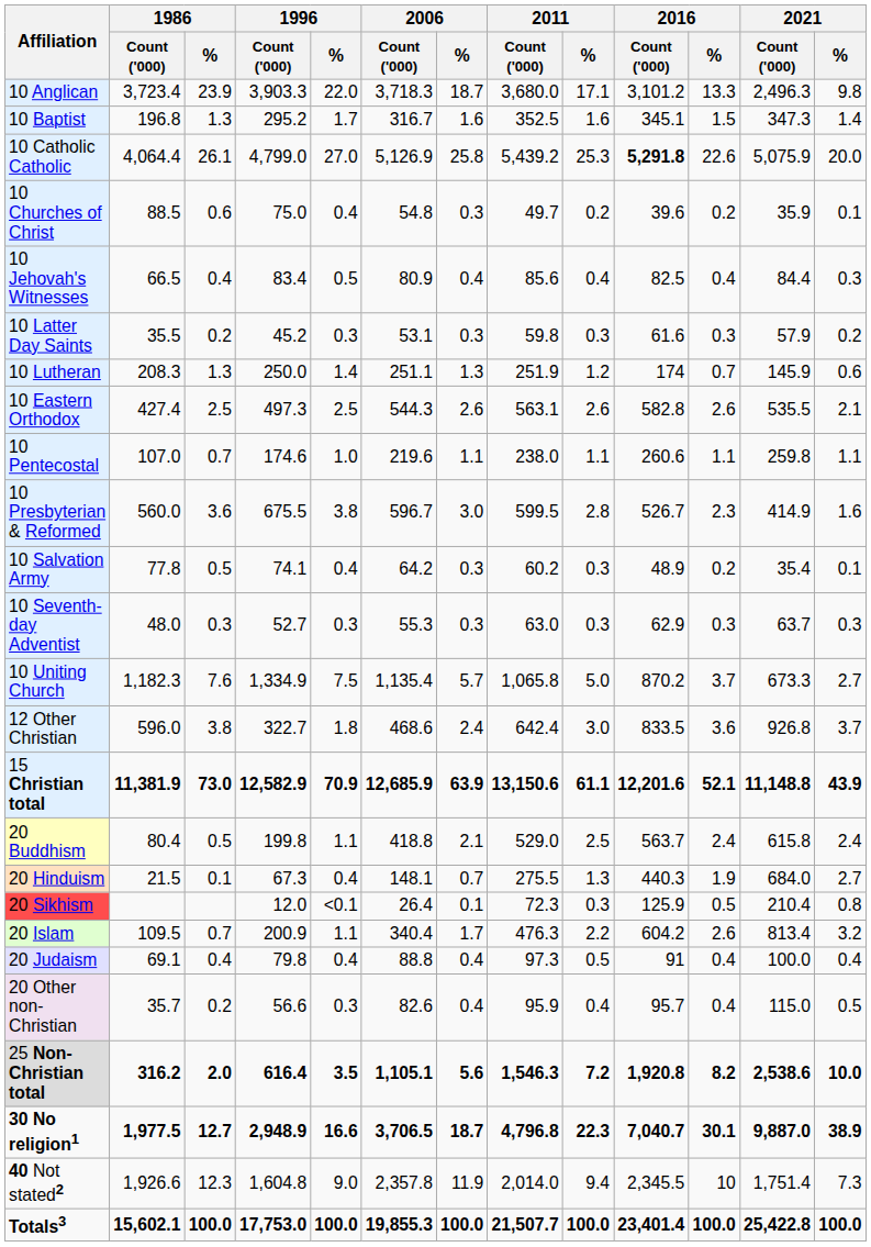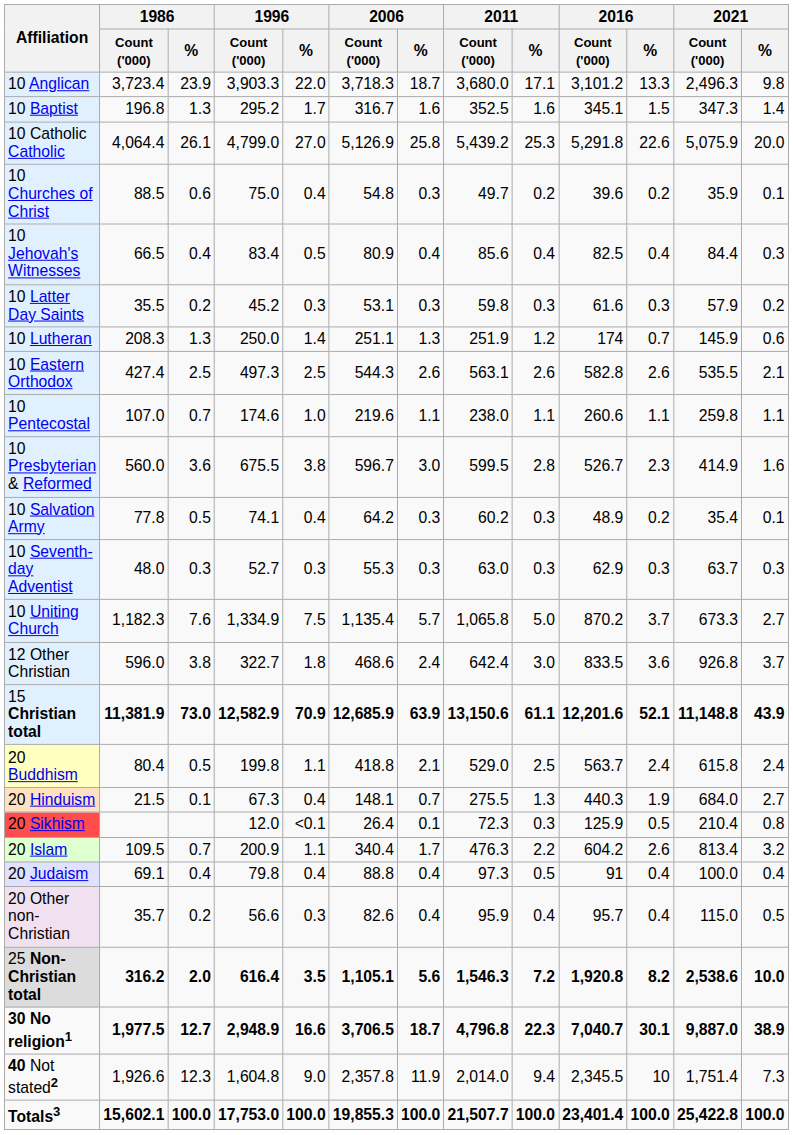 <table class="wikitable sortable">
 <tr>
 <th rowspan=2 scope="col">Affiliation</th>
 <th colspan=2>1986</th>
 <th colspan=2>1996</th>
 <th colspan=2>2006</th>
 <th colspan=2>2011</th>
 <th colspan=2>2016</th>
 <th colspan=2>2021</th>
 </tr>
 <tr>
 <th scope="col"><small>Count ('000)</small></th>
 <th scope="col">%</th>
 <th scope="col"><small>Count ('000)</small></th>
 <th scope="col">%</th>
 <th scope="col"><small>Count ('000)</small></th>
 <th scope="col">%</th>
 <th scope="col"><small>Count ('000)</small></th>
 <th scope="col">%</th>
 <th scope="col"><small>Count ('000)</small></th>
 <th scope="col">%</th>
 <th scope="col"><small>Count ('000)</small></th>
 <th scope="col">%</th>
 </tr>
 <tr>
 <td style="text-align:left; background:#E0F0FF;"><span>10</span> <a href='#'>Anglican</a></td>
 <td style="text-align:right;">3,723.4</td>
 <td style="text-align:right;">23.9</td>
 <td style="text-align:right;">3,903.3</td>
 <td style="text-align:right;">22.0</td>
 <td style="text-align:right;">3,718.3</td>
 <td style="text-align:right;">18.7</td>
 <td style="text-align:right;">3,680.0</td>
 <td style="text-align:right;">17.1</td>
 <td style="text-align:right;">3,101.2</td>
 <td style="text-align:right;">13.3</td>
 <td style="text-align:right;">2,496.3</td>
 <td style="text-align:right;">9.8</td>
 </tr>
 <tr>
 <td style="text-align:left; background:#E0F0FF;"><span>10</span> <a href='#'>Baptist</a></td>
 <td style="text-align:right;">196.8</td>
 <td style="text-align:right;">1.3</td>
 <td style="text-align:right;">295.2</td>
 <td style="text-align:right;">1.7</td>
 <td style="text-align:right;">316.7</td>
 <td style="text-align:right;">1.6</td>
 <td style="text-align:right;">352.5</td>
 <td style="text-align:right;">1.6</td>
 <td style="text-align:right;">345.1</td>
 <td style="text-align:right;">1.5</td>
 <td style="text-align:right;">347.3</td>
 <td style="text-align:right;">1.4</td>
 </tr>
 <tr>
 <td style="text-align:left; background:#E0F0FF;"><span>10 Catholic</span> <a href='#'>Catholic</a></td>
 <td style="text-align:right;">4,064.4</td>
 <td style="text-align:right;">26.1</td>
 <td style="text-align:right;">4,799.0</td>
 <td style="text-align:right;">27.0</td>
 <td style="text-align:right;">5,126.9</td>
 <td style="text-align:right;">25.8</td>
 <td style="text-align:right;">5,439.2</td>
 <td style="text-align:right;">25.3</td>
-<td style="text-align:right;"><strong>5,291.8</strong></td>
+<td style="text-align:right;">5,291.8</td>
 <td style="text-align:right;">22.6</td>
 <td style="text-align:right;">5,075.9</td>
 <td style="text-align:right;">20.0</td>
 </tr>
 <tr>
 <td style="text-align:left; background:#E0F0FF;"><span>10</span> <a href='#'>Churches of Christ</a></td>
 <td style="text-align:right;">88.5</td>
 <td style="text-align:right;">0.6</td>
 <td style="text-align:right;">75.0</td>
 <td style="text-align:right;">0.4</td>
 <td style="text-align:right;">54.8</td>
 <td style="text-align:right;">0.3</td>
 <td style="text-align:right;">49.7</td>
 <td style="text-align:right;">0.2</td>
 <td style="text-align:right;">39.6</td>
 <td style="text-align:right;">0.2</td>
 <td style="text-align:right;">35.9</td>
 <td style="text-align:right;">0.1</td>
 </tr>
 <tr>
 <td style="text-align:left; background:#E0F0FF;"><span>10</span> <a href='#'>Jehovah's Witnesses</a></td>
 <td style="text-align:right;">66.5</td>
 <td style="text-align:right;">0.4</td>
 <td style="text-align:right;">83.4</td>
 <td style="text-align:right;">0.5</td>
 <td style="text-align:right;">80.9</td>
 <td style="text-align:right;">0.4</td>
 <td style="text-align:right;">85.6</td>
 <td style="text-align:right;">0.4</td>
 <td style="text-align:right;">82.5</td>
 <td style="text-align:right;">0.4</td>
 <td style="text-align:right;">84.4</td>
 <td style="text-align:right;">0.3</td>
 </tr>
 <tr>
 <td style="text-align:left; background:#E0F0FF;"><span>10</span> <a href='#'>Latter Day Saints</a></td>
 <td style="text-align:right;">35.5</td>
 <td style="text-align:right;">0.2</td>
 <td style="text-align:right;">45.2</td>
 <td style="text-align:right;">0.3</td>
 <td style="text-align:right;">53.1</td>
 <td style="text-align:right;">0.3</td>
 <td style="text-align:right;">59.8</td>
 <td style="text-align:right;">0.3</td>
 <td style="text-align:right;">61.6</td>
 <td style="text-align:right;">0.3</td>
 <td style="text-align:right;">57.9</td>
 <td style="text-align:right;">0.2</td>
 </tr>
 <tr>
 <td style="text-align:left; background:#E0F0FF;"><span>10</span> <a href='#'>Lutheran</a></td>
 <td style="text-align:right;">208.3</td>
 <td style="text-align:right;">1.3</td>
 <td style="text-align:right;">250.0</td>
 <td style="text-align:right;">1.4</td>
 <td style="text-align:right;">251.1</td>
 <td style="text-align:right;">1.3</td>
 <td style="text-align:right;">251.9</td>
 <td style="text-align:right;">1.2</td>
 <td style="text-align:right;">174</td>
 <td style="text-align:right;">0.7</td>
 <td style="text-align:right;">145.9</td>
 <td style="text-align:right;">0.6</td>
 </tr>
 <tr>
 <td style="text-align:left; background:#E0F0FF;"><span>10</span> <a href='#'>Eastern Orthodox</a></td>
 <td style="text-align:right;">427.4</td>
 <td style="text-align:right;">2.5</td>
 <td style="text-align:right;">497.3</td>
 <td style="text-align:right;">2.5</td>
 <td style="text-align:right;">544.3</td>
 <td style="text-align:right;">2.6</td>
 <td style="text-align:right;">563.1</td>
 <td style="text-align:right;">2.6</td>
 <td style="text-align:right;">582.8</td>
 <td style="text-align:right;">2.6</td>
 <td style="text-align:right;">535.5</td>
 <td style="text-align:right;">2.1</td>
 </tr>
 <tr>
 <td style="text-align:left; background:#E0F0FF;"><span>10</span> <a href='#'>Pentecostal</a></td>
 <td style="text-align:right;">107.0</td>
 <td style="text-align:right;">0.7</td>
 <td style="text-align:right;">174.6</td>
 <td style="text-align:right;">1.0</td>
 <td style="text-align:right;">219.6</td>
 <td style="text-align:right;">1.1</td>
 <td style="text-align:right;">238.0</td>
 <td style="text-align:right;">1.1</td>
 <td style="text-align:right;">260.6</td>
 <td style="text-align:right;">1.1</td>
 <td style="text-align:right;">259.8</td>
 <td style="text-align:right;">1.1</td>
 </tr>
 <tr>
 <td style="text-align:left; background:#E0F0FF;"><span>10</span> <a href='#'>Presbyterian</a> & <a href='#'>Reformed</a></td>
 <td style="text-align:right;">560.0</td>
 <td style="text-align:right;">3.6</td>
 <td style="text-align:right;">675.5</td>
 <td style="text-align:right;">3.8</td>
 <td style="text-align:right;">596.7</td>
 <td style="text-align:right;">3.0</td>
 <td style="text-align:right;">599.5</td>
 <td style="text-align:right;">2.8</td>
 <td style="text-align:right;">526.7</td>
 <td style="text-align:right;">2.3</td>
 <td style="text-align:right;">414.9</td>
 <td style="text-align:right;">1.6</td>
 </tr>
 <tr>
 <td style="text-align:left; background:#E0F0FF;"><span>10</span> <a href='#'>Salvation Army</a></td>
 <td style="text-align:right;">77.8</td>
 <td style="text-align:right;">0.5</td>
 <td style="text-align:right;">74.1</td>
 <td style="text-align:right;">0.4</td>
 <td style="text-align:right;">64.2</td>
 <td style="text-align:right;">0.3</td>
 <td style="text-align:right;">60.2</td>
 <td style="text-align:right;">0.3</td>
 <td style="text-align:right;">48.9</td>
 <td style="text-align:right;">0.2</td>
 <td style="text-align:right;">35.4</td>
 <td style="text-align:right;">0.1</td>
 </tr>
 <tr>
 <td style="text-align:left; background:#E0F0FF;"><span>10</span> <a href='#'>Seventh-day Adventist</a></td>
 <td style="text-align:right;">48.0</td>
 <td style="text-align:right;">0.3</td>
 <td style="text-align:right;">52.7</td>
 <td style="text-align:right;">0.3</td>
 <td style="text-align:right;">55.3</td>
 <td style="text-align:right;">0.3</td>
 <td style="text-align:right;">63.0</td>
 <td style="text-align:right;">0.3</td>
 <td style="text-align:right;">62.9</td>
 <td style="text-align:right;">0.3</td>
 <td style="text-align:right;">63.7</td>
 <td style="text-align:right;">0.3</td>
 </tr>
 <tr>
 <td style="text-align:left; background:#E0F0FF;"><span>10</span> <a href='#'>Uniting Church</a></td>
 <td style="text-align:right;">1,182.3</td>
 <td style="text-align:right;">7.6</td>
 <td style="text-align:right;">1,334.9</td>
 <td style="text-align:right;">7.5</td>
 <td style="text-align:right;">1,135.4</td>
 <td style="text-align:right;">5.7</td>
 <td style="text-align:right;">1,065.8</td>
 <td style="text-align:right;">5.0</td>
 <td style="text-align:right;">870.2</td>
 <td style="text-align:right;">3.7</td>
 <td style="text-align:right;">673.3</td>
 <td style="text-align:right;">2.7</td>
 </tr>
 <tr>
 <td style="text-align:left; background:#E0F0FF;"><span>12</span> Other Christian</td>
 <td style="text-align:right;">596.0</td>
 <td style="text-align:right;">3.8</td>
 <td style="text-align:right;">322.7</td>
 <td style="text-align:right;">1.8</td>
 <td style="text-align:right;">468.6</td>
 <td style="text-align:right;">2.4</td>
 <td style="text-align:right;">642.4</td>
 <td style="text-align:right;">3.0</td>
 <td style="text-align:right;">833.5</td>
 <td style="text-align:right;">3.6</td>
 <td style="text-align:right;">926.8</td>
 <td style="text-align:right;">3.7</td>
 </tr>
 <tr>
 <td style="text-align:left; background:#E0F0FF;"><span>15</span> <strong>Christian total</strong></td>
 <td style="text-align:right;"><strong>11,381.9</strong></td>
 <td style="text-align:right;"><strong>73.0</strong></td>
 <td style="text-align:right;"><strong>12,582.9</strong></td>
 <td style="text-align:right;"><strong>70.9</strong></td>
 <td style="text-align:right;"><strong>12,685.9</strong></td>
 <td style="text-align:right;"><strong>63.9</strong></td>
 <td style="text-align:right;"><strong>13,150.6</strong></td>
 <td style="text-align:right;"><strong>61.1</strong></td>
 <td style="text-align:right;"><strong>12,201.6</strong></td>
 <td style="text-align:right;"><strong>52.1</strong></td>
 <td style="text-align:right;"><strong>11,148.8</strong></td>
 <td style="text-align:right;"><strong>43.9</strong></td>
 </tr>
 <tr>
 <td style="text-align:left; background:#FFFFC0;"><span>20</span> <a href='#'>Buddhism</a></td>
 <td style="text-align:right;">80.4</td>
 <td style="text-align:right;">0.5</td>
 <td style="text-align:right;">199.8</td>
 <td style="text-align:right;">1.1</td>
 <td style="text-align:right;">418.8</td>
 <td style="text-align:right;">2.1</td>
 <td style="text-align:right;">529.0</td>
 <td style="text-align:right;">2.5</td>
 <td style="text-align:right;">563.7</td>
 <td style="text-align:right;">2.4</td>
 <td style="text-align:right;">615.8</td>
 <td style="text-align:right;">2.4</td>
 </tr>
 <tr>
 <td style="text-align:left; background:#FFE0C0;"><span>20</span> <a href='#'>Hinduism</a></td>
 <td style="text-align:right;">21.5</td>
 <td style="text-align:right;">0.1</td>
 <td style="text-align:right;">67.3</td>
 <td style="text-align:right;">0.4</td>
 <td style="text-align:right;">148.1</td>
 <td style="text-align:right;">0.7</td>
 <td style="text-align:right;">275.5</td>
 <td style="text-align:right;">1.3</td>
 <td style="text-align:right;">440.3</td>
 <td style="text-align:right;">1.9</td>
 <td style="text-align:right;">684.0</td>
 <td style="text-align:right;">2.7</td>
 </tr>
 <tr>
 <td style="text-align:left; background: #ff4d4d;"><span>20</span> <a href='#'>Sikhism</a></td>
 <td style="text-align:right;"></td>
 <td style="text-align:right;"></td>
 <td style="text-align:right;">12.0</td>
 <td style="text-align:right;"><0.1</td>
 <td style="text-align:right;">26.4</td>
 <td style="text-align:right;">0.1</td>
 <td style="text-align:right;">72.3</td>
 <td style="text-align:right;">0.3</td>
 <td style="text-align:right;">125.9</td>
 <td style="text-align:right;">0.5</td>
 <td style="text-align:right;">210.4</td>
 <td style="text-align:right;">0.8</td>
 </tr>
 <tr>
 <td style="text-align:left; background:#E0FFD0;"><span>20</span> <a href='#'>Islam</a></td>
 <td style="text-align:right;">109.5</td>
 <td style="text-align:right;">0.7</td>
 <td style="text-align:right;">200.9</td>
 <td style="text-align:right;">1.1</td>
 <td style="text-align:right;">340.4</td>
 <td style="text-align:right;">1.7</td>
 <td style="text-align:right;">476.3</td>
 <td style="text-align:right;">2.2</td>
 <td style="text-align:right;">604.2</td>
 <td style="text-align:right;">2.6</td>
 <td style="text-align:right;">813.4</td>
 <td style="text-align:right;">3.2</td>
 </tr>
 <tr>
 <td style="text-align:left; background:#E0E0FF;"><span>20</span> <a href='#'>Judaism</a></td>
 <td style="text-align:right;">69.1</td>
 <td style="text-align:right;">0.4</td>
 <td style="text-align:right;">79.8</td>
 <td style="text-align:right;">0.4</td>
 <td style="text-align:right;">88.8</td>
 <td style="text-align:right;">0.4</td>
 <td style="text-align:right;">97.3</td>
 <td style="text-align:right;">0.5</td>
 <td style="text-align:right;">91</td>
 <td style="text-align:right;">0.4</td>
 <td style="text-align:right;">100.0</td>
 <td style="text-align:right;">0.4</td>
 </tr>
 <tr>
 <td style="text-align:left; background:#F0E0F0;"><span>20</span> Other non-Christian</td>
 <td style="text-align:right;">35.7</td>
 <td style="text-align:right;">0.2</td>
 <td style="text-align:right;">56.6</td>
 <td style="text-align:right;">0.3</td>
 <td style="text-align:right;">82.6</td>
 <td style="text-align:right;">0.4</td>
 <td style="text-align:right;">95.9</td>
 <td style="text-align:right;">0.4</td>
 <td style="text-align:right;">95.7</td>
 <td style="text-align:right;">0.4</td>
 <td style="text-align:right;">115.0</td>
 <td style="text-align:right;">0.5</td>
 </tr>
 <tr>
 <td style="text-align:left; background:#DCDCDC;"><span>25</span> <strong>Non-Christian total</strong></td>
 <td style="text-align:right;"><strong>316.2</strong></td>
 <td style="text-align:right;"><strong>2.0</strong></td>
 <td style="text-align:right;"><strong>616.4</strong></td>
 <td style="text-align:right;"><strong>3.5</strong></td>
 <td style="text-align:right;"><strong>1,105.1</strong></td>
 <td style="text-align:right;"><strong>5.6</strong></td>
 <td style="text-align:right;"><strong>1,546.3</strong></td>
 <td style="text-align:right;"><strong>7.2</strong></td>
 <td style="text-align:right;"><strong>1,920.8</strong></td>
 <td style="text-align:right;"><strong>8.2</strong></td>
 <td style="text-align:right;"><strong>2,538.6</strong></td>
 <td style="text-align:right;"><strong>10.0</strong></td>
 </tr>
 <tr>
 <td style="text-align:left;"><span><strong>30</strong></span> <strong>No religion<sup>1</sup></strong></td>
 <td style="text-align:right;"><strong>1,977.5</strong></td>
 <td style="text-align:right;"><strong>12.7</strong></td>
 <td style="text-align:right;"><strong>2,948.9</strong></td>
 <td style="text-align:right;"><strong>16.6</strong></td>
 <td style="text-align:right;"><strong>3,706.5</strong></td>
 <td style="text-align:right;"><strong>18.7</strong></td>
 <td style="text-align:right;"><strong>4,796.8</strong></td>
 <td style="text-align:right;"><strong>22.3</strong></td>
 <td style="text-align:right;"><strong>7,040.7</strong></td>
 <td style="text-align:right;"><strong>30.1</strong></td>
 <td style="text-align:right;"><strong>9,887.0</strong></td>
 <td style="text-align:right;"><strong>38.9</strong></td>
 </tr>
 <tr>
 <td style="text-align:left;"><span><strong>40</strong></span> Not stated<strong><sup>2</sup></strong></td>
 <td style="text-align:right;">1,926.6</td>
 <td style="text-align:right;">12.3</td>
 <td style="text-align:right;">1,604.8</td>
 <td style="text-align:right;">9.0</td>
 <td style="text-align:right;">2,357.8</td>
 <td style="text-align:right;">11.9</td>
 <td style="text-align:right;">2,014.0</td>
 <td style="text-align:right;">9.4</td>
 <td style="text-align:right;">2,345.5</td>
 <td style="text-align:right;">10</td>
 <td style="text-align:right;">1,751.4</td>
 <td style="text-align:right;">7.3</td>
 </tr>
 <tr class="sortbottom">
 <td style="text-align:left;"><strong>Totals<sup>3</sup></strong></td>
 <td style="text-align:right;"><strong>15,602.1</strong></td>
 <td style="text-align:right;"><strong>100.0</strong></td>
 <td style="text-align:right;"><strong>17,753.0</strong></td>
 <td style="text-align:right;"><strong>100.0</strong></td>
 <td style="text-align:right;"><strong>19,855.3</strong></td>
 <td style="text-align:right;"><strong>100.0</strong></td>
 <td style="text-align:right;"><strong>21,507.7</strong></td>
 <td style="text-align:right;"><strong>100.0</strong></td>
 <td style="text-align:right;"><strong>23,401.4</strong></td>
 <td style="text-align:right;"><strong>100.0</strong></td>
 <td style="text-align:right;"><strong>25,422.8</strong></td>
 <td style="text-align:right;"><strong>100.0</strong></td>
 </tr>
 </table>
